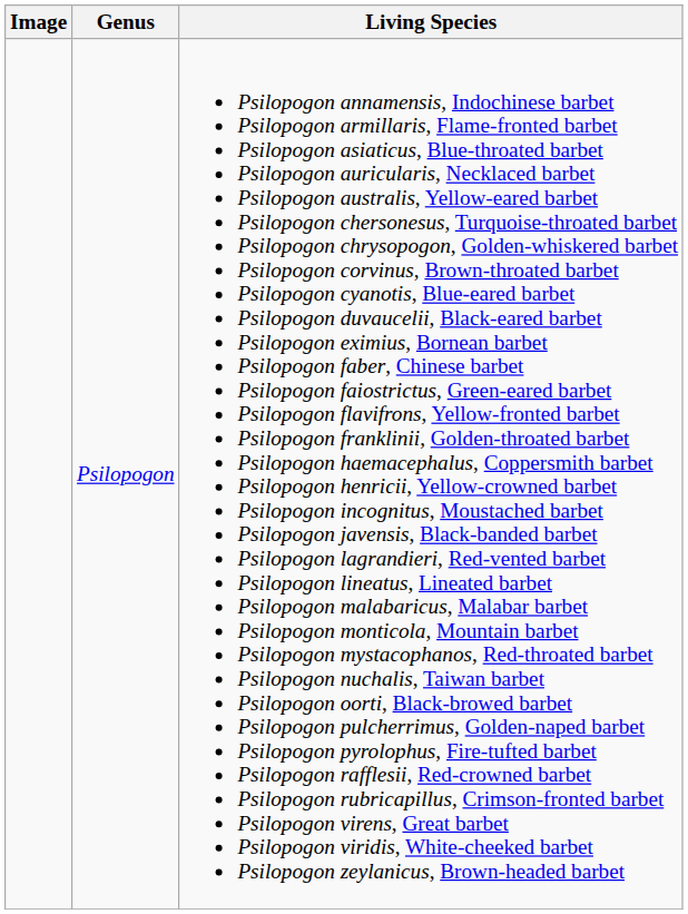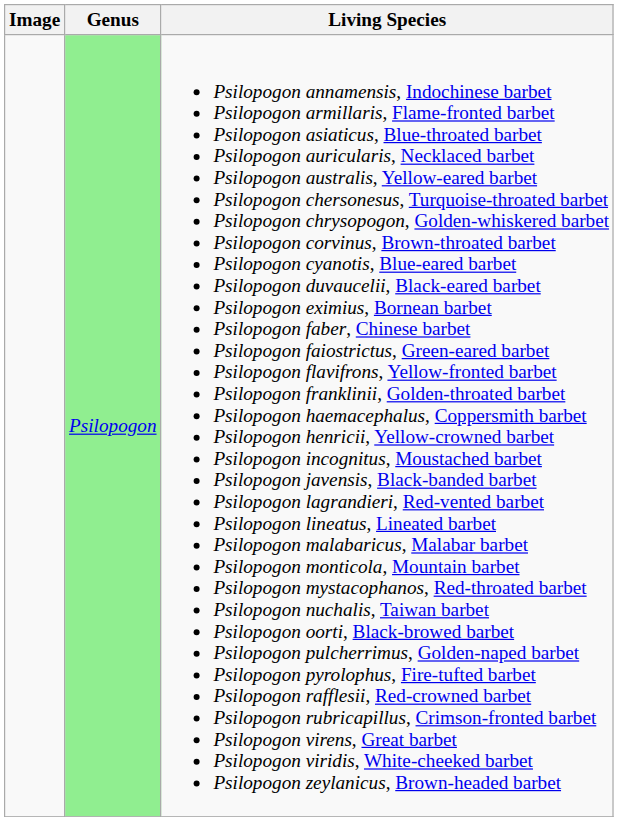 <table class="wikitable">
 <tr>
 <th>Image</th>
 <th>Genus</th>
 <th>Living Species</th>
 </tr>
 <tr>
 <td></td>
-<td><em><a href='#'>Psilopogon</a></em> </td>
+<td style="background: lightgreen;"><em><a href='#'>Psilopogon</a></em> </td>
 <td><br><ul><li><em>Psilopogon annamensis</em>, <a href='#'>Indochinese barbet</a></li><li><em>Psilopogon armillaris</em>, <a href='#'>Flame-fronted barbet</a></li><li><em>Psilopogon asiaticus</em>, <a href='#'>Blue-throated barbet</a></li><li><em>Psilopogon auricularis</em>, <a href='#'>Necklaced barbet</a></li><li><em>Psilopogon australis</em>,  <a href='#'>Yellow-eared barbet</a></li><li><em>Psilopogon chersonesus</em>, <a href='#'>Turquoise-throated barbet</a></li><li><em>Psilopogon chrysopogon</em>, <a href='#'>Golden-whiskered barbet</a></li><li><em>Psilopogon corvinus</em>, <a href='#'>Brown-throated barbet</a></li><li><em>Psilopogon cyanotis</em>,  <a href='#'>Blue-eared barbet</a></li><li><em>Psilopogon duvaucelii</em>, <a href='#'>Black-eared barbet</a></li><li><em>Psilopogon eximius</em>, <a href='#'>Bornean barbet</a></li><li><em>Psilopogon faber</em>, <a href='#'>Chinese barbet</a></li><li><em>Psilopogon faiostrictus</em>, <a href='#'>Green-eared barbet</a></li><li><em>Psilopogon flavifrons</em>, <a href='#'>Yellow-fronted barbet</a></li><li><em>Psilopogon franklinii</em>, <a href='#'>Golden-throated barbet</a></li><li><em>Psilopogon haemacephalus</em>, <a href='#'>Coppersmith barbet</a></li><li><em>Psilopogon henricii</em>, <a href='#'>Yellow-crowned barbet</a></li><li><em>Psilopogon incognitus</em>, <a href='#'>Moustached barbet</a></li><li><em>Psilopogon javensis</em>, <a href='#'>Black-banded barbet</a></li><li><em>Psilopogon lagrandieri</em>, <a href='#'>Red-vented barbet</a></li><li><em>Psilopogon lineatus</em>, <a href='#'>Lineated barbet</a></li><li><em>Psilopogon malabaricus</em>,  <a href='#'>Malabar barbet</a></li><li><em>Psilopogon monticola</em>, <a href='#'>Mountain barbet</a></li><li><em>Psilopogon mystacophanos</em>, <a href='#'>Red-throated barbet</a></li><li><em>Psilopogon nuchalis</em>, <a href='#'>Taiwan barbet</a></li><li><em>Psilopogon oorti</em>, <a href='#'>Black-browed barbet</a></li><li><em>Psilopogon pulcherrimus</em>, <a href='#'>Golden-naped barbet</a></li><li><em>Psilopogon pyrolophus</em>, <a href='#'>Fire-tufted barbet</a></li><li><em>Psilopogon rafflesii</em>, <a href='#'>Red-crowned barbet</a></li><li><em>Psilopogon rubricapillus</em>, <a href='#'>Crimson-fronted barbet</a></li><li><em>Psilopogon virens</em>, <a href='#'>Great barbet</a></li><li><em>Psilopogon viridis</em>, <a href='#'>White-cheeked barbet</a></li><li><em>Psilopogon zeylanicus</em>, <a href='#'>Brown-headed barbet</a></li></ul></td>
 </tr>
 <tr>
 </tr>
 </table>
